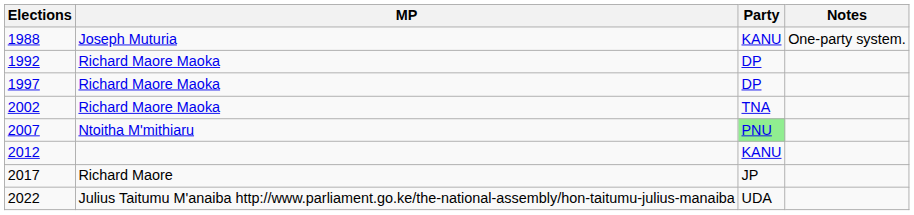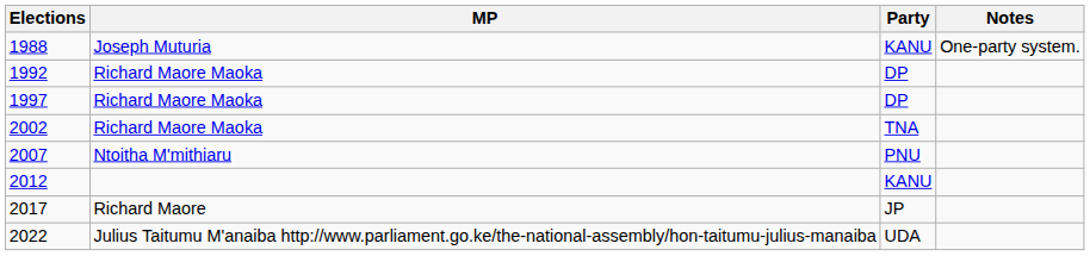 <table class="wikitable">
 <tr>
 <th>Elections</th>
 <th>MP</th>
 <th>Party</th>
 <th>Notes</th>
 </tr>
 <tr>
 <td><a href='#'>1988</a></td>
 <td><a href='#'>Joseph Muturia</a></td>
 <td><a href='#'>KANU</a></td>
 <td>One-party system.</td>
 </tr>
 <tr>
 <td><a href='#'>1992</a></td>
 <td><a href='#'>Richard Maore Maoka</a></td>
 <td><a href='#'>DP</a></td>
 <td></td>
 </tr>
 <tr>
 <td><a href='#'>1997</a></td>
 <td><a href='#'>Richard Maore Maoka</a></td>
 <td><a href='#'>DP</a></td>
 <td></td>
 </tr>
 <tr>
 <td><a href='#'>2002</a></td>
 <td><a href='#'>Richard Maore Maoka</a></td>
 <td><a href='#'>TNA</a></td>
 <td></td>
 </tr>
 <tr>
 <td><a href='#'>2007</a></td>
 <td><a href='#'>Ntoitha M'mithiaru</a></td>
-<td style="background: lightgreen;"><a href='#'>PNU</a></td>
+<td><a href='#'>PNU</a></td>
 <td></td>
 </tr>
 <tr 2013 Kenyan general election|2013]] ||Joseph M'eruaki  JJP>
 <td><a href='#'>2012</a></td>
 <td></td>
 <td><a href='#'>KANU</a></td>
 <td></td>
 </tr>
 <tr>
 <td>2017</td>
 <td>Richard Maore </td>
 <td>JP</td>
 </tr>
 <tr>
 <td>2022</td>
 <td>Julius Taitumu M'anaiba http://www.parliament.go.ke/the-national-assembly/hon-taitumu-julius-manaiba</td>
 <td>UDA</td>
 <td></td>
 </tr>
 </table>
